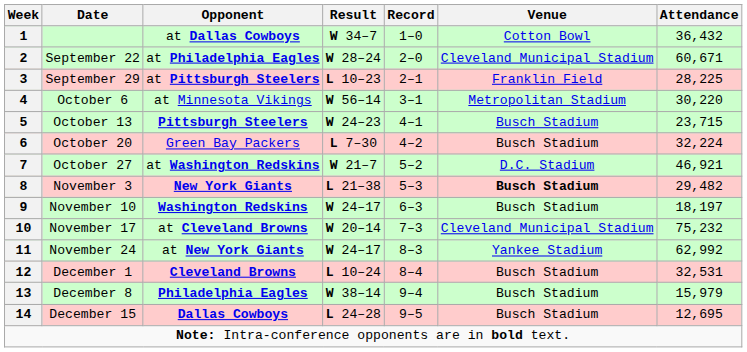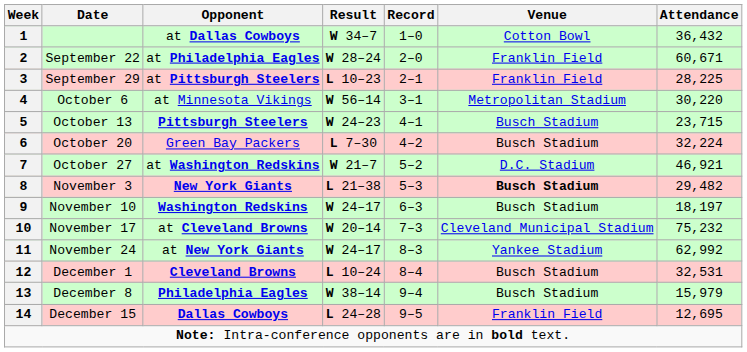 <table class="wikitable" style="text-align:center">
 <tr>
 <th>Week</th>
 <th>Date</th>
 <th>Opponent</th>
 <th>Result</th>
 <th>Record</th>
 <th>Venue</th>
 <th>Attendance</th>
 </tr>
 <tr style="background:#cfc">
 <th>1</th>
 <td></td>
 <td>at <strong><a href='#'>Dallas Cowboys</a></strong></td>
 <td><strong>W</strong> 34–7</td>
 <td>1–0</td>
 <td><a href='#'>Cotton Bowl</a></td>
 <td>36,432</td>
 </tr>
 <tr style="background:#cfc">
 <th>2</th>
 <td>September 22</td>
 <td>at <strong><a href='#'>Philadelphia Eagles</a></strong></td>
 <td><strong>W</strong> 28–24</td>
 <td>2–0</td>
-<td><a href='#'>Cleveland Municipal Stadium</a></td>
+<td><a href='#'>Franklin Field</a></td>
 <td>60,671</td>
 </tr>
 <tr style="background:#fcc">
 <th>3</th>
 <td>September 29</td>
 <td>at <strong><a href='#'>Pittsburgh Steelers</a></strong></td>
 <td><strong>L</strong> 10–23</td>
 <td>2–1</td>
 <td><a href='#'>Franklin Field</a></td>
 <td>28,225</td>
 </tr>
 <tr style="background:#cfc">
 <th>4</th>
 <td>October 6</td>
 <td>at <a href='#'>Minnesota Vikings</a></td>
 <td><strong>W</strong> 56–14</td>
 <td>3–1</td>
 <td><a href='#'>Metropolitan Stadium</a></td>
 <td>30,220</td>
 </tr>
 <tr style="background:#cfc">
 <th>5</th>
 <td>October 13</td>
 <td><strong><a href='#'>Pittsburgh Steelers</a></strong></td>
 <td><strong>W</strong> 24–23</td>
 <td>4–1</td>
 <td><a href='#'>Busch Stadium</a></td>
 <td>23,715</td>
 </tr>
 <tr style="background:#fcc">
 <th>6</th>
 <td>October 20</td>
 <td><a href='#'>Green Bay Packers</a></td>
 <td><strong>L</strong> 7–30</td>
 <td>4–2</td>
 <td>Busch Stadium</td>
 <td>32,224</td>
 </tr>
 <tr style="background:#cfc">
 <th>7</th>
 <td>October 27</td>
 <td>at <strong><a href='#'>Washington Redskins</a></strong></td>
 <td><strong>W</strong> 21–7</td>
 <td>5–2</td>
 <td><a href='#'>D.C. Stadium</a></td>
 <td>46,921</td>
 </tr>
 <tr style="background:#fcc">
 <th>8</th>
 <td>November 3</td>
 <td><strong><a href='#'>New York Giants</a></strong></td>
 <td><strong>L</strong> 21–38</td>
 <td>5–3</td>
 <td><strong>Busch Stadium</strong></td>
 <td>29,482</td>
 </tr>
 <tr style="background:#cfc">
 <th>9</th>
 <td>November 10</td>
 <td><strong><a href='#'>Washington Redskins</a></strong></td>
 <td><strong>W</strong> 24–17</td>
 <td>6–3</td>
 <td>Busch Stadium</td>
 <td>18,197</td>
 </tr>
 <tr style="background:#cfc">
 <th>10</th>
 <td>November 17</td>
 <td>at <strong><a href='#'>Cleveland Browns</a></strong></td>
 <td><strong>W</strong> 20–14</td>
 <td>7–3</td>
 <td><a href='#'>Cleveland Municipal Stadium</a></td>
 <td>75,232</td>
 </tr>
 <tr style="background:#cfc">
 <th>11</th>
 <td>November 24</td>
 <td>at <strong><a href='#'>New York Giants</a></strong></td>
 <td><strong>W</strong> 24–17</td>
 <td>8–3</td>
 <td><a href='#'>Yankee Stadium</a></td>
 <td>62,992</td>
 </tr>
 <tr style="background:#fcc">
 <th>12</th>
 <td>December 1</td>
 <td><strong><a href='#'>Cleveland Browns</a></strong></td>
 <td><strong>L</strong> 10–24</td>
 <td>8–4</td>
 <td>Busch Stadium</td>
 <td>32,531</td>
 </tr>
 <tr style="background:#cfc">
 <th>13</th>
 <td>December 8</td>
 <td><strong><a href='#'>Philadelphia Eagles</a></strong></td>
 <td><strong>W</strong> 38–14</td>
 <td>9–4</td>
 <td>Busch Stadium</td>
 <td>15,979</td>
 </tr>
 <tr style="background:#fcc">
 <th>14</th>
 <td>December 15</td>
 <td><strong><a href='#'>Dallas Cowboys</a></strong></td>
 <td><strong>L</strong> 24–28</td>
 <td>9–5</td>
-<td>Busch Stadium</td>
+<td><a href='#'>Franklin Field</a></td>
 <td>12,695</td>
 </tr>
 <tr>
 <td colspan="8"><strong>Note:</strong> Intra-conference opponents are in <strong>bold</strong> text.</td>
 </tr>
 </table>
